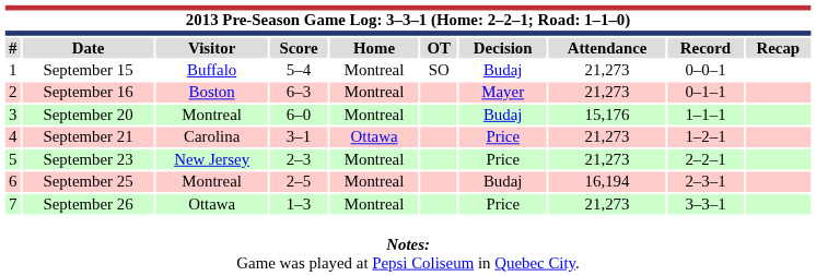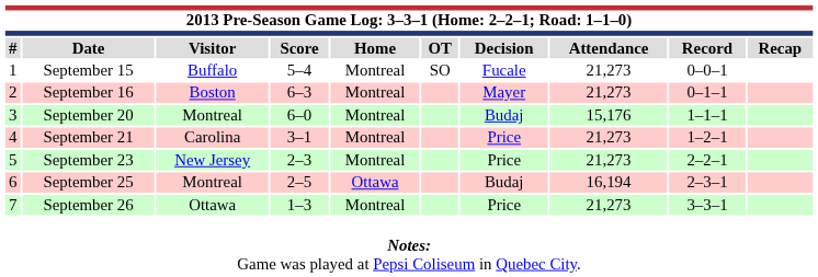 <table class="toccolours collapsible collapsed" style="width:90%; clear:both; margin:1.5em auto; text-align:center;">
 <tr>
 <th colspan=10 style="background:#fff; border-top:#bf2f38 5px solid; border-bottom:#213770 5px solid;">2013 Pre-Season Game Log: 3–3–1 (Home: 2–2–1; Road: 1–1–0)</th>
 </tr>
 <tr style="text-align:center; background:#ddd;">
 <th>#</th>
 <th>Date</th>
 <th>Visitor</th>
 <th>Score</th>
 <th>Home</th>
 <th>OT</th>
 <th>Decision</th>
 <th>Attendance</th>
 <th>Record</th>
 <th>Recap</th>
 </tr>
 <tr style="text-align:center; background:#fff;">
 <td>1</td>
 <td>September 15</td>
 <td><a href='#'>Buffalo</a></td>
 <td>5–4</td>
 <td>Montreal</td>
 <td>SO</td>
-<td><a href='#'>Budaj</a></td>
+<td><a href='#'>Fucale</a></td>
 <td>21,273</td>
 <td>0–0–1</td>
 <td></td>
 </tr>
 <tr style="text-align:center; background:#fcc;">
 <td>2</td>
 <td>September 16</td>
 <td><a href='#'>Boston</a></td>
 <td>6–3</td>
 <td>Montreal</td>
 <td></td>
 <td><a href='#'>Mayer</a></td>
 <td>21,273</td>
 <td>0–1–1</td>
 <td></td>
 </tr>
 <tr style="text-align:center; background:#cfc;">
 <td>3</td>
 <td>September 20</td>
 <td>Montreal</td>
 <td>6–0</td>
 <td>Montreal</td>
 <td></td>
 <td><a href='#'>Budaj</a></td>
 <td>15,176</td>
 <td>1–1–1</td>
 <td></td>
 </tr>
 <tr style="text-align:center; background:#fcc;">
 <td>4</td>
 <td>September 21</td>
 <td>Carolina</td>
 <td>3–1</td>
-<td><a href='#'>Ottawa</a></td>
+<td>Montreal</td>
 <td></td>
 <td><a href='#'>Price</a></td>
 <td>21,273</td>
 <td>1–2–1</td>
 <td></td>
 </tr>
 <tr style="text-align:center; background:#cfc;">
 <td>5</td>
 <td>September 23</td>
 <td><a href='#'>New Jersey</a></td>
 <td>2–3</td>
 <td>Montreal</td>
 <td></td>
 <td>Price</td>
 <td>21,273</td>
 <td>2–2–1</td>
 <td></td>
 </tr>
 <tr style="text-align:center; background:#fcc;">
 <td>6</td>
 <td>September 25</td>
 <td>Montreal</td>
 <td>2–5</td>
-<td>Montreal</td>
+<td><a href='#'>Ottawa</a></td>
 <td></td>
 <td>Budaj</td>
 <td>16,194</td>
 <td>2–3–1</td>
 <td></td>
 </tr>
 <tr style="text-align:center; background:#cfc;">
 <td>7</td>
 <td>September 26</td>
 <td>Ottawa</td>
 <td>1–3</td>
 <td>Montreal</td>
 <td></td>
 <td>Price</td>
 <td>21,273</td>
 <td>3–3–1</td>
 <td></td>
 </tr>
 <tr>
 <td colspan="10" style="text-align:center;"><br><strong><em>Notes:</em></strong><br> Game was played at <a href='#'>Pepsi Coliseum</a> in <a href='#'>Quebec City</a>.</td>
 </tr>
 </table>
